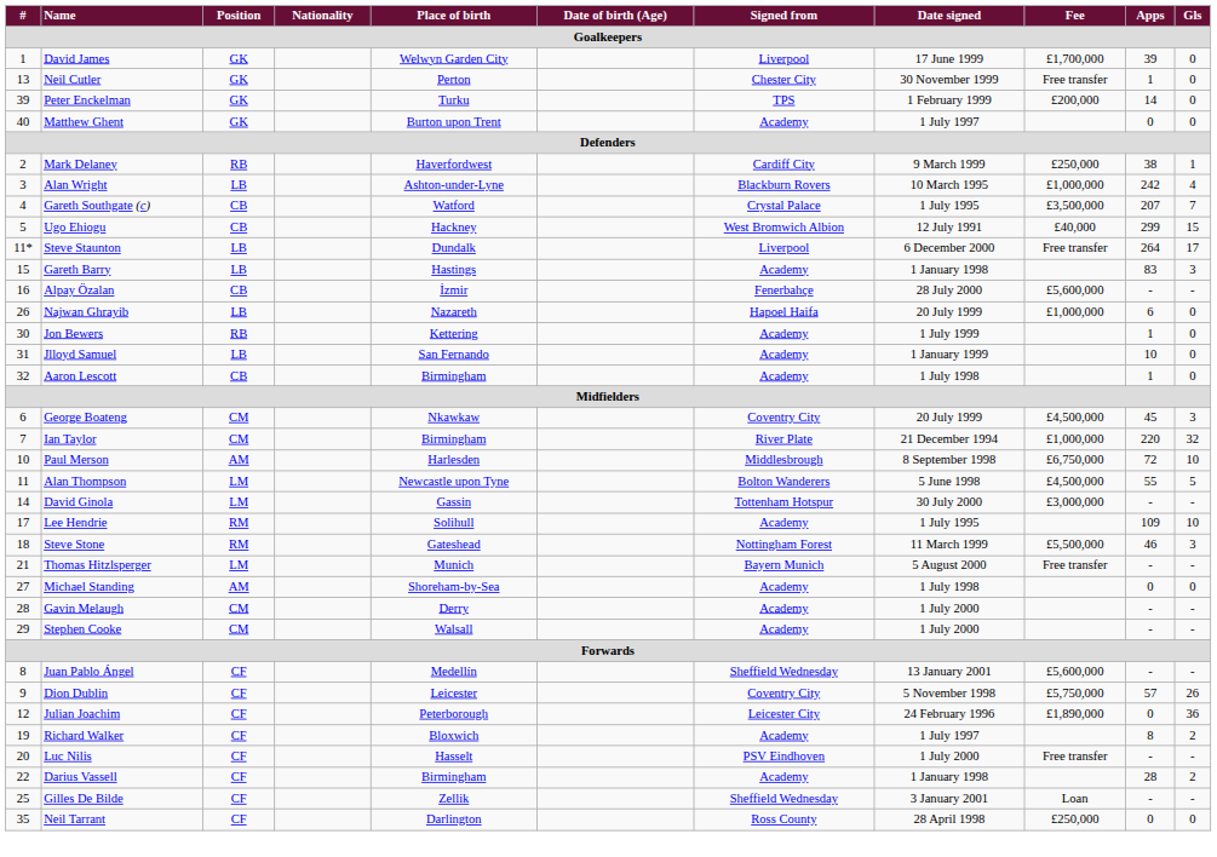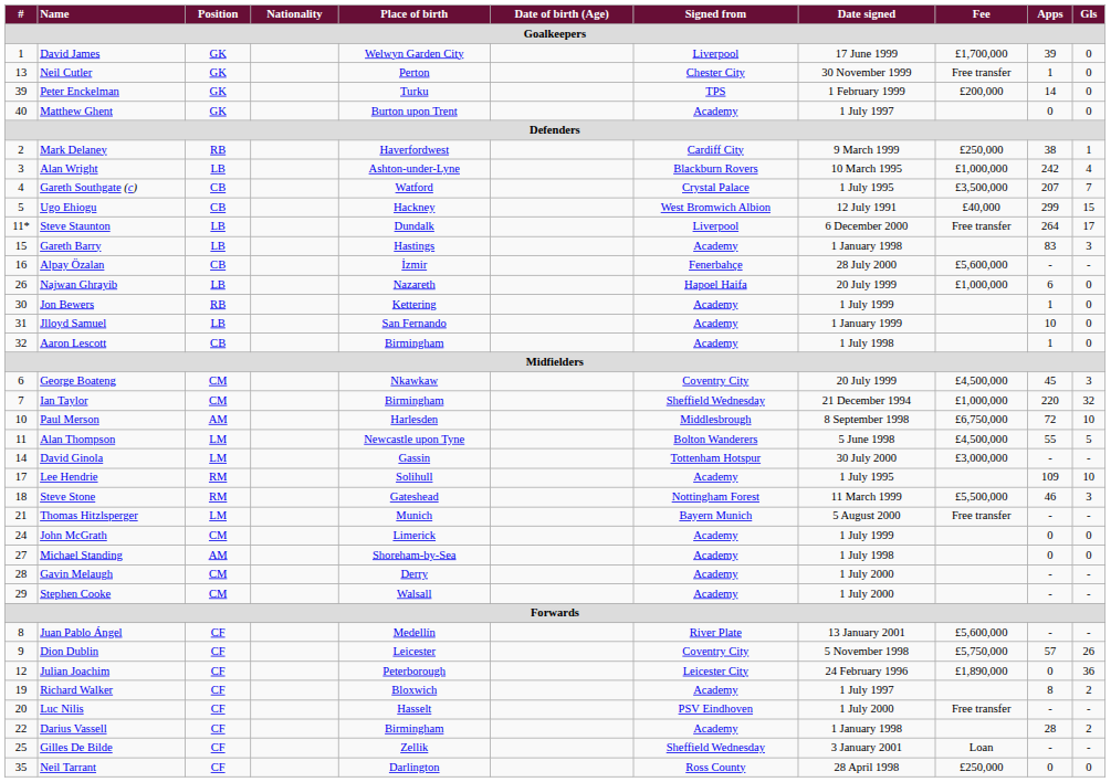 <table class="wikitable" style="text-align:center; font-size:84.5%; width:101%;">
 <tr>
 <th style="background:#670E36; color:#FFFFFF; text-align:center;">#</th>
 <th style="background:#670E36; color:#FFFFFF; text-align:left;">Name</th>
 <th style="background:#670E36; color:#FFFFFF; text-align:center;">Position</th>
 <th style="background:#670E36; color:#FFFFFF; text-align:center;">Nationality</th>
 <th style="background:#670E36; color:#FFFFFF; text-align:center;">Place of birth</th>
 <th style="background:#670E36; color:#FFFFFF; text-align:center;">Date of birth (Age)</th>
 <th style="background:#670E36; color:#FFFFFF; text-align:center;">Signed from</th>
 <th style="background:#670E36; color:#FFFFFF; text-align:center;">Date signed</th>
 <th style="background:#670E36; color:#FFFFFF; text-align:center;">Fee</th>
 <th style="background:#670E36; color:#FFFFFF; text-align:center;">Apps</th>
 <th style="background:#670E36; color:#FFFFFF; text-align:center;">Gls</th>
 </tr>
 <tr>
 <th colspan="11" style="background:#dcdcdc; tepxt-align:center;">Goalkeepers</th>
 </tr>
 <tr>
 <td>1</td>
 <td style="text-align:left;"><a href='#'>David James</a></td>
 <td><a href='#'>GK</a></td>
 <td></td>
 <td><a href='#'>Welwyn Garden City</a></td>
 <td></td>
 <td><a href='#'> Liverpool</a></td>
 <td>17 June 1999</td>
 <td>£1,700,000</td>
 <td>39</td>
 <td>0</td>
 </tr>
 <tr>
 <td>13</td>
 <td style="text-align:left;"><a href='#'>Neil Cutler</a></td>
 <td><a href='#'>GK</a></td>
 <td></td>
 <td><a href='#'>Perton</a></td>
 <td></td>
 <td><a href='#'>Chester City</a></td>
 <td>30 November 1999</td>
 <td>Free transfer</td>
 <td>1</td>
 <td>0</td>
 </tr>
 <tr>
 <td>39</td>
 <td style="text-align:left;"><a href='#'>Peter Enckelman</a></td>
 <td><a href='#'>GK</a></td>
 <td></td>
 <td><a href='#'>Turku</a></td>
 <td></td>
 <td> <a href='#'>TPS</a></td>
 <td>1 February 1999</td>
 <td>£200,000</td>
 <td>14</td>
 <td>0</td>
 </tr>
 <tr>
 <td>40</td>
 <td style="text-align:left;"><a href='#'>Matthew Ghent</a></td>
 <td><a href='#'>GK</a></td>
 <td></td>
 <td><a href='#'>Burton upon Trent</a></td>
 <td></td>
 <td><a href='#'>Academy</a></td>
 <td>1 July 1997</td>
 <td></td>
 <td>0</td>
 <td>0</td>
 </tr>
 <tr>
 <th colspan="11" style="background:#dcdcdc; tepxt-align:center;">Defenders</th>
 </tr>
 <tr>
 <td>2</td>
 <td style="text-align:left;"><a href='#'>Mark Delaney</a></td>
 <td><a href='#'>RB</a></td>
 <td></td>
 <td><a href='#'>Haverfordwest</a></td>
 <td></td>
 <td> <a href='#'>Cardiff City</a></td>
 <td>9 March 1999</td>
 <td>£250,000</td>
 <td>38</td>
 <td>1</td>
 </tr>
 <tr>
 <td>3</td>
 <td style="text-align:left;"><a href='#'>Alan Wright</a></td>
 <td><a href='#'>LB</a></td>
 <td></td>
 <td><a href='#'>Ashton-under-Lyne</a></td>
 <td></td>
 <td><a href='#'>Blackburn Rovers</a></td>
 <td>10 March 1995</td>
 <td>£1,000,000</td>
 <td>242</td>
 <td>4</td>
 </tr>
 <tr>
 <td>4</td>
 <td style="text-align:left;"><a href='#'>Gareth Southgate</a> <em>(<a href='#'>c</a>)</em></td>
 <td><a href='#'>CB</a></td>
 <td></td>
 <td><a href='#'>Watford</a></td>
 <td></td>
 <td><a href='#'>Crystal Palace</a></td>
 <td>1 July 1995</td>
 <td>£3,500,000</td>
 <td>207</td>
 <td>7</td>
 </tr>
 <tr>
 <td>5</td>
 <td style="text-align:left;"><a href='#'>Ugo Ehiogu</a></td>
 <td><a href='#'>CB</a></td>
 <td></td>
 <td><a href='#'>Hackney</a></td>
 <td></td>
 <td><a href='#'>West Bromwich Albion</a></td>
 <td>12 July 1991</td>
 <td>£40,000</td>
 <td>299</td>
 <td>15</td>
 </tr>
 <tr>
 <td>11*</td>
 <td style="text-align:left;"><a href='#'>Steve Staunton</a></td>
 <td><a href='#'>LB</a></td>
 <td></td>
 <td><a href='#'>Dundalk</a></td>
 <td></td>
 <td><a href='#'>Liverpool</a></td>
 <td>6 December 2000</td>
 <td>Free transfer</td>
 <td>264</td>
 <td>17</td>
 </tr>
 <tr>
 <td>15</td>
 <td style="text-align:left;"><a href='#'>Gareth Barry</a></td>
 <td><a href='#'>LB</a></td>
 <td></td>
 <td><a href='#'>Hastings</a></td>
 <td></td>
 <td><a href='#'>Academy</a></td>
 <td>1 January 1998</td>
 <td></td>
 <td>83</td>
 <td>3</td>
 </tr>
 <tr>
 <td>16</td>
 <td style="text-align:left;"><a href='#'>Alpay Özalan</a></td>
 <td><a href='#'>CB</a></td>
 <td></td>
 <td><a href='#'>İzmir</a></td>
 <td></td>
 <td> <a href='#'>Fenerbahçe</a></td>
 <td>28 July 2000</td>
 <td>£5,600,000</td>
 <td>-</td>
 <td>-</td>
 </tr>
 <tr>
 <td>26</td>
 <td style="text-align:left;"><a href='#'>Najwan Ghrayib</a></td>
 <td><a href='#'>LB</a></td>
 <td></td>
 <td><a href='#'>Nazareth</a></td>
 <td></td>
 <td> <a href='#'>Hapoel Haifa</a></td>
 <td>20 July 1999</td>
 <td>£1,000,000</td>
 <td>6</td>
 <td>0</td>
 </tr>
 <tr>
 <td>30</td>
 <td style="text-align:left;"><a href='#'>Jon Bewers</a></td>
 <td><a href='#'>RB</a></td>
 <td></td>
 <td><a href='#'>Kettering</a></td>
 <td></td>
 <td><a href='#'>Academy</a></td>
 <td>1 July 1999</td>
 <td></td>
 <td>1</td>
 <td>0</td>
 </tr>
 <tr>
 <td>31</td>
 <td style="text-align:left;"><a href='#'>Jlloyd Samuel</a></td>
 <td><a href='#'>LB</a></td>
 <td></td>
 <td><a href='#'>San Fernando</a></td>
 <td></td>
 <td><a href='#'>Academy</a></td>
 <td>1 January 1999</td>
 <td></td>
 <td>10</td>
 <td>0</td>
 </tr>
 <tr>
 <td>32</td>
 <td style="text-align:left;"><a href='#'>Aaron Lescott</a></td>
 <td><a href='#'>CB</a></td>
 <td></td>
 <td><a href='#'>Birmingham</a></td>
 <td></td>
 <td><a href='#'>Academy</a></td>
 <td>1 July 1998</td>
 <td></td>
 <td>1</td>
 <td>0</td>
 </tr>
 <tr>
 <th colspan="11" style="background:#dcdcdc; tepxt-align:center;">Midfielders</th>
 </tr>
 <tr>
 <td>6</td>
 <td style="text-align:left;"><a href='#'>George Boateng</a></td>
 <td><a href='#'>CM</a></td>
 <td></td>
 <td> <a href='#'>Nkawkaw</a></td>
 <td></td>
 <td><a href='#'>Coventry City</a></td>
 <td>20 July 1999</td>
 <td>£4,500,000</td>
 <td>45</td>
 <td>3</td>
 </tr>
 <tr>
 <td>7</td>
 <td style="text-align:left;"><a href='#'>Ian Taylor</a></td>
 <td><a href='#'>CM</a></td>
 <td></td>
 <td><a href='#'>Birmingham</a></td>
 <td></td>
-<td> <a href='#'>River Plate</a></td>
+<td><a href='#'>Sheffield Wednesday</a></td>
 <td>21 December 1994</td>
 <td>£1,000,000</td>
 <td>220</td>
 <td>32</td>
 </tr>
 <tr>
 <td>10</td>
 <td style="text-align:left;"><a href='#'>Paul Merson</a></td>
 <td><a href='#'>AM</a></td>
 <td></td>
 <td><a href='#'>Harlesden</a></td>
 <td></td>
 <td><a href='#'>Middlesbrough</a></td>
 <td>8 September 1998</td>
 <td>£6,750,000</td>
 <td>72</td>
 <td>10</td>
 </tr>
 <tr>
 <td>11</td>
 <td style="text-align:left;"><a href='#'>Alan Thompson</a></td>
 <td><a href='#'>LM</a></td>
 <td></td>
 <td><a href='#'>Newcastle upon Tyne</a></td>
 <td></td>
 <td><a href='#'>Bolton Wanderers</a></td>
 <td>5 June 1998</td>
 <td>£4,500,000</td>
 <td>55</td>
 <td>5</td>
 </tr>
 <tr>
 <td>14</td>
 <td style="text-align:left;"><a href='#'>David Ginola</a></td>
 <td><a href='#'>LM</a></td>
 <td></td>
 <td><a href='#'>Gassin</a></td>
 <td></td>
 <td><a href='#'>Tottenham Hotspur</a></td>
 <td>30 July 2000</td>
 <td>£3,000,000</td>
 <td>-</td>
 <td>-</td>
 </tr>
 <tr>
 <td>17</td>
 <td style="text-align:left;"><a href='#'>Lee Hendrie</a></td>
 <td><a href='#'>RM</a></td>
 <td></td>
 <td><a href='#'>Solihull</a></td>
 <td></td>
 <td><a href='#'>Academy</a></td>
 <td>1 July 1995</td>
 <td></td>
 <td>109</td>
 <td>10</td>
 </tr>
 <tr>
 <td>18</td>
 <td style="text-align:left;"><a href='#'>Steve Stone</a></td>
 <td><a href='#'>RM</a></td>
 <td></td>
 <td><a href='#'>Gateshead</a></td>
 <td></td>
 <td><a href='#'>Nottingham Forest</a></td>
 <td>11 March 1999</td>
 <td>£5,500,000</td>
 <td>46</td>
 <td>3</td>
 </tr>
 <tr>
 <td>21</td>
 <td style="text-align:left;"><a href='#'>Thomas Hitzlsperger</a></td>
 <td><a href='#'>LM</a></td>
 <td></td>
 <td><a href='#'>Munich</a></td>
 <td></td>
 <td> <a href='#'>Bayern Munich</a></td>
 <td>5 August 2000</td>
 <td>Free transfer</td>
 <td>-</td>
 <td>-</td>
 </tr>
 <tr>
+<td>24</td>
+<td style="text-align:left;"><a href='#'>John McGrath</a></td>
+<td><a href='#'>CM</a></td>
+<td></td>
+<td><a href='#'>Limerick</a></td>
+<td></td>
+<td><a href='#'>Academy</a></td>
+<td>1 July 1999</td>
+<td></td>
+<td>0</td>
+<td>0</td>
+</tr>
+<tr>
 <td>27</td>
 <td style="text-align:left;"><a href='#'>Michael Standing</a></td>
 <td><a href='#'>AM</a></td>
 <td></td>
 <td><a href='#'>Shoreham-by-Sea</a></td>
 <td></td>
 <td><a href='#'>Academy</a></td>
 <td>1 July 1998</td>
 <td></td>
 <td>0</td>
 <td>0</td>
 </tr>
 <tr>
 <td>28</td>
 <td style="text-align:left;"><a href='#'>Gavin Melaugh</a></td>
 <td><a href='#'>CM</a></td>
 <td></td>
 <td><a href='#'>Derry</a></td>
 <td></td>
 <td><a href='#'>Academy</a></td>
 <td>1 July 2000</td>
 <td></td>
 <td>-</td>
 <td>-</td>
 </tr>
 <tr>
 <td>29</td>
 <td style="text-align:left;"><a href='#'>Stephen Cooke</a></td>
 <td><a href='#'>CM</a></td>
 <td></td>
 <td><a href='#'>Walsall</a></td>
 <td></td>
 <td><a href='#'>Academy</a></td>
 <td>1 July 2000</td>
 <td></td>
 <td>-</td>
 <td>-</td>
 </tr>
 <tr>
 <th colspan="11" style="background:#dcdcdc; tepxt-align:center;">Forwards</th>
 </tr>
 <tr>
 <td>8</td>
 <td style="text-align:left;"><a href='#'>Juan Pablo Ángel</a></td>
 <td><a href='#'>CF</a></td>
 <td></td>
 <td><a href='#'>Medellín</a></td>
 <td></td>
-<td><a href='#'>Sheffield Wednesday</a></td>
+<td> <a href='#'>River Plate</a></td>
 <td>13 January 2001</td>
 <td>£5,600,000</td>
 <td>-</td>
 <td>-</td>
 </tr>
 <tr>
 <td>9</td>
 <td style="text-align:left;"><a href='#'>Dion Dublin</a></td>
 <td><a href='#'>CF</a></td>
 <td></td>
 <td><a href='#'>Leicester</a></td>
 <td></td>
 <td><a href='#'>Coventry City</a></td>
 <td>5 November 1998</td>
 <td>£5,750,000</td>
 <td>57</td>
 <td>26</td>
 </tr>
 <tr>
 <td>12</td>
 <td style="text-align:left;"><a href='#'>Julian Joachim</a></td>
 <td><a href='#'>CF</a></td>
 <td></td>
 <td><a href='#'>Peterborough</a></td>
 <td></td>
 <td><a href='#'>Leicester City</a></td>
 <td>24 February 1996</td>
 <td>£1,890,000</td>
 <td>0</td>
 <td>36</td>
 </tr>
 <tr>
 <td>19</td>
 <td style="text-align:left;"><a href='#'>Richard Walker</a></td>
 <td><a href='#'>CF</a></td>
 <td></td>
 <td><a href='#'>Bloxwich</a></td>
 <td></td>
 <td><a href='#'>Academy</a></td>
 <td>1 July 1997</td>
 <td></td>
 <td>8</td>
 <td>2</td>
 </tr>
 <tr>
 <td>20</td>
 <td style="text-align:left;"><a href='#'>Luc Nilis</a></td>
 <td><a href='#'>CF</a></td>
 <td></td>
 <td><a href='#'>Hasselt</a></td>
 <td></td>
 <td> <a href='#'>PSV Eindhoven</a></td>
 <td>1 July 2000</td>
 <td>Free transfer</td>
 <td>-</td>
 <td>-</td>
 </tr>
 <tr>
 <td>22</td>
 <td style="text-align:left;"><a href='#'>Darius Vassell</a></td>
 <td><a href='#'>CF</a></td>
 <td></td>
 <td><a href='#'>Birmingham</a></td>
 <td></td>
 <td><a href='#'>Academy</a></td>
 <td>1 January 1998</td>
 <td></td>
 <td>28</td>
 <td>2</td>
 </tr>
 <tr>
 <td>25</td>
 <td style="text-align:left;"><a href='#'>Gilles De Bilde</a></td>
 <td><a href='#'>CF</a></td>
 <td></td>
 <td><a href='#'>Zellik</a></td>
 <td></td>
 <td><a href='#'>Sheffield Wednesday</a></td>
 <td>3 January 2001</td>
 <td>Loan</td>
 <td>-</td>
 <td>-</td>
 </tr>
 <tr>
 <td>35</td>
 <td style="text-align:left;"><a href='#'>Neil Tarrant</a></td>
 <td><a href='#'>CF</a></td>
 <td></td>
 <td> <a href='#'>Darlington</a></td>
 <td></td>
 <td> <a href='#'>Ross County</a></td>
 <td>28 April 1998</td>
 <td>£250,000</td>
 <td>0</td>
 <td>0</td>
 </tr>
 </table>
